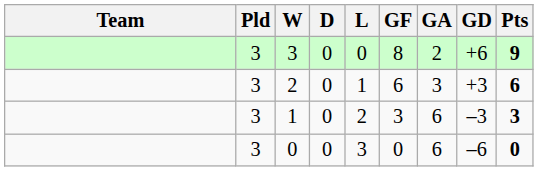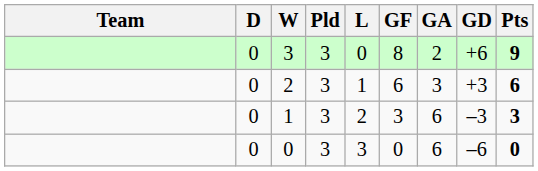 <table class="wikitable" style="text-align: center;">
 <tr>
 <th width=175>Team</th>
+<th width=20>D</th>
+<th width=20>W</th>
 <th width=20>Pld</th>
-<th width=20>W</th>
-<th width=20>D</th>
 <th width=20>L</th>
 <th width=20>GF</th>
 <th width=20>GA</th>
 <th width=20>GD</th>
 <th width=20>Pts</th>
 </tr>
 <tr bgcolor="ccffcc">
 <td align=left></td>
+<td>0</td>
 <td>3</td>
 <td>3</td>
-<td>0</td>
 <td>0</td>
 <td>8</td>
 <td>2</td>
 <td>+6</td>
 <td><strong>9</strong></td>
 </tr>
 <tr>
 <td align=left></td>
+<td>0</td>
+<td>2</td>
 <td>3</td>
-<td>2</td>
-<td>0</td>
 <td>1</td>
 <td>6</td>
 <td>3</td>
 <td>+3</td>
 <td><strong>6</strong></td>
 </tr>
 <tr>
 <td align=left></td>
+<td>0</td>
+<td>1</td>
 <td>3</td>
-<td>1</td>
-<td>0</td>
 <td>2</td>
 <td>3</td>
 <td>6</td>
 <td>–3</td>
 <td><strong>3</strong></td>
 </tr>
 <tr>
 <td align=left></td>
-<td>3</td>
 <td>0</td>
 <td>0</td>
+<td>3</td>
 <td>3</td>
 <td>0</td>
 <td>6</td>
 <td>–6</td>
 <td><strong>0</strong></td>
 </tr>
 </table>
